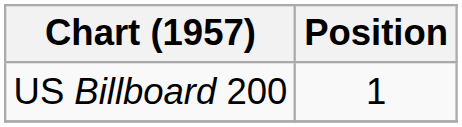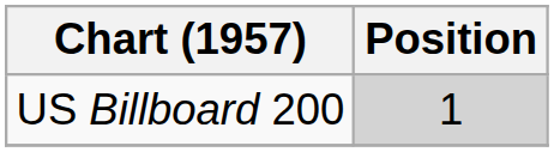 <table class="wikitable sortable plainrowheaders" style="text-align:center">
 <tr>
 <th scope="col">Chart (1957)</th>
 <th scope="col">Position</th>
 </tr>
 <tr>
 <td "text-align:left;">US <em>Billboard</em> 200</td>
-<td>1</td>
+<td style="background: lightgrey;">1</td>
 </tr>
 <tr>
 </tr>
 </table>
